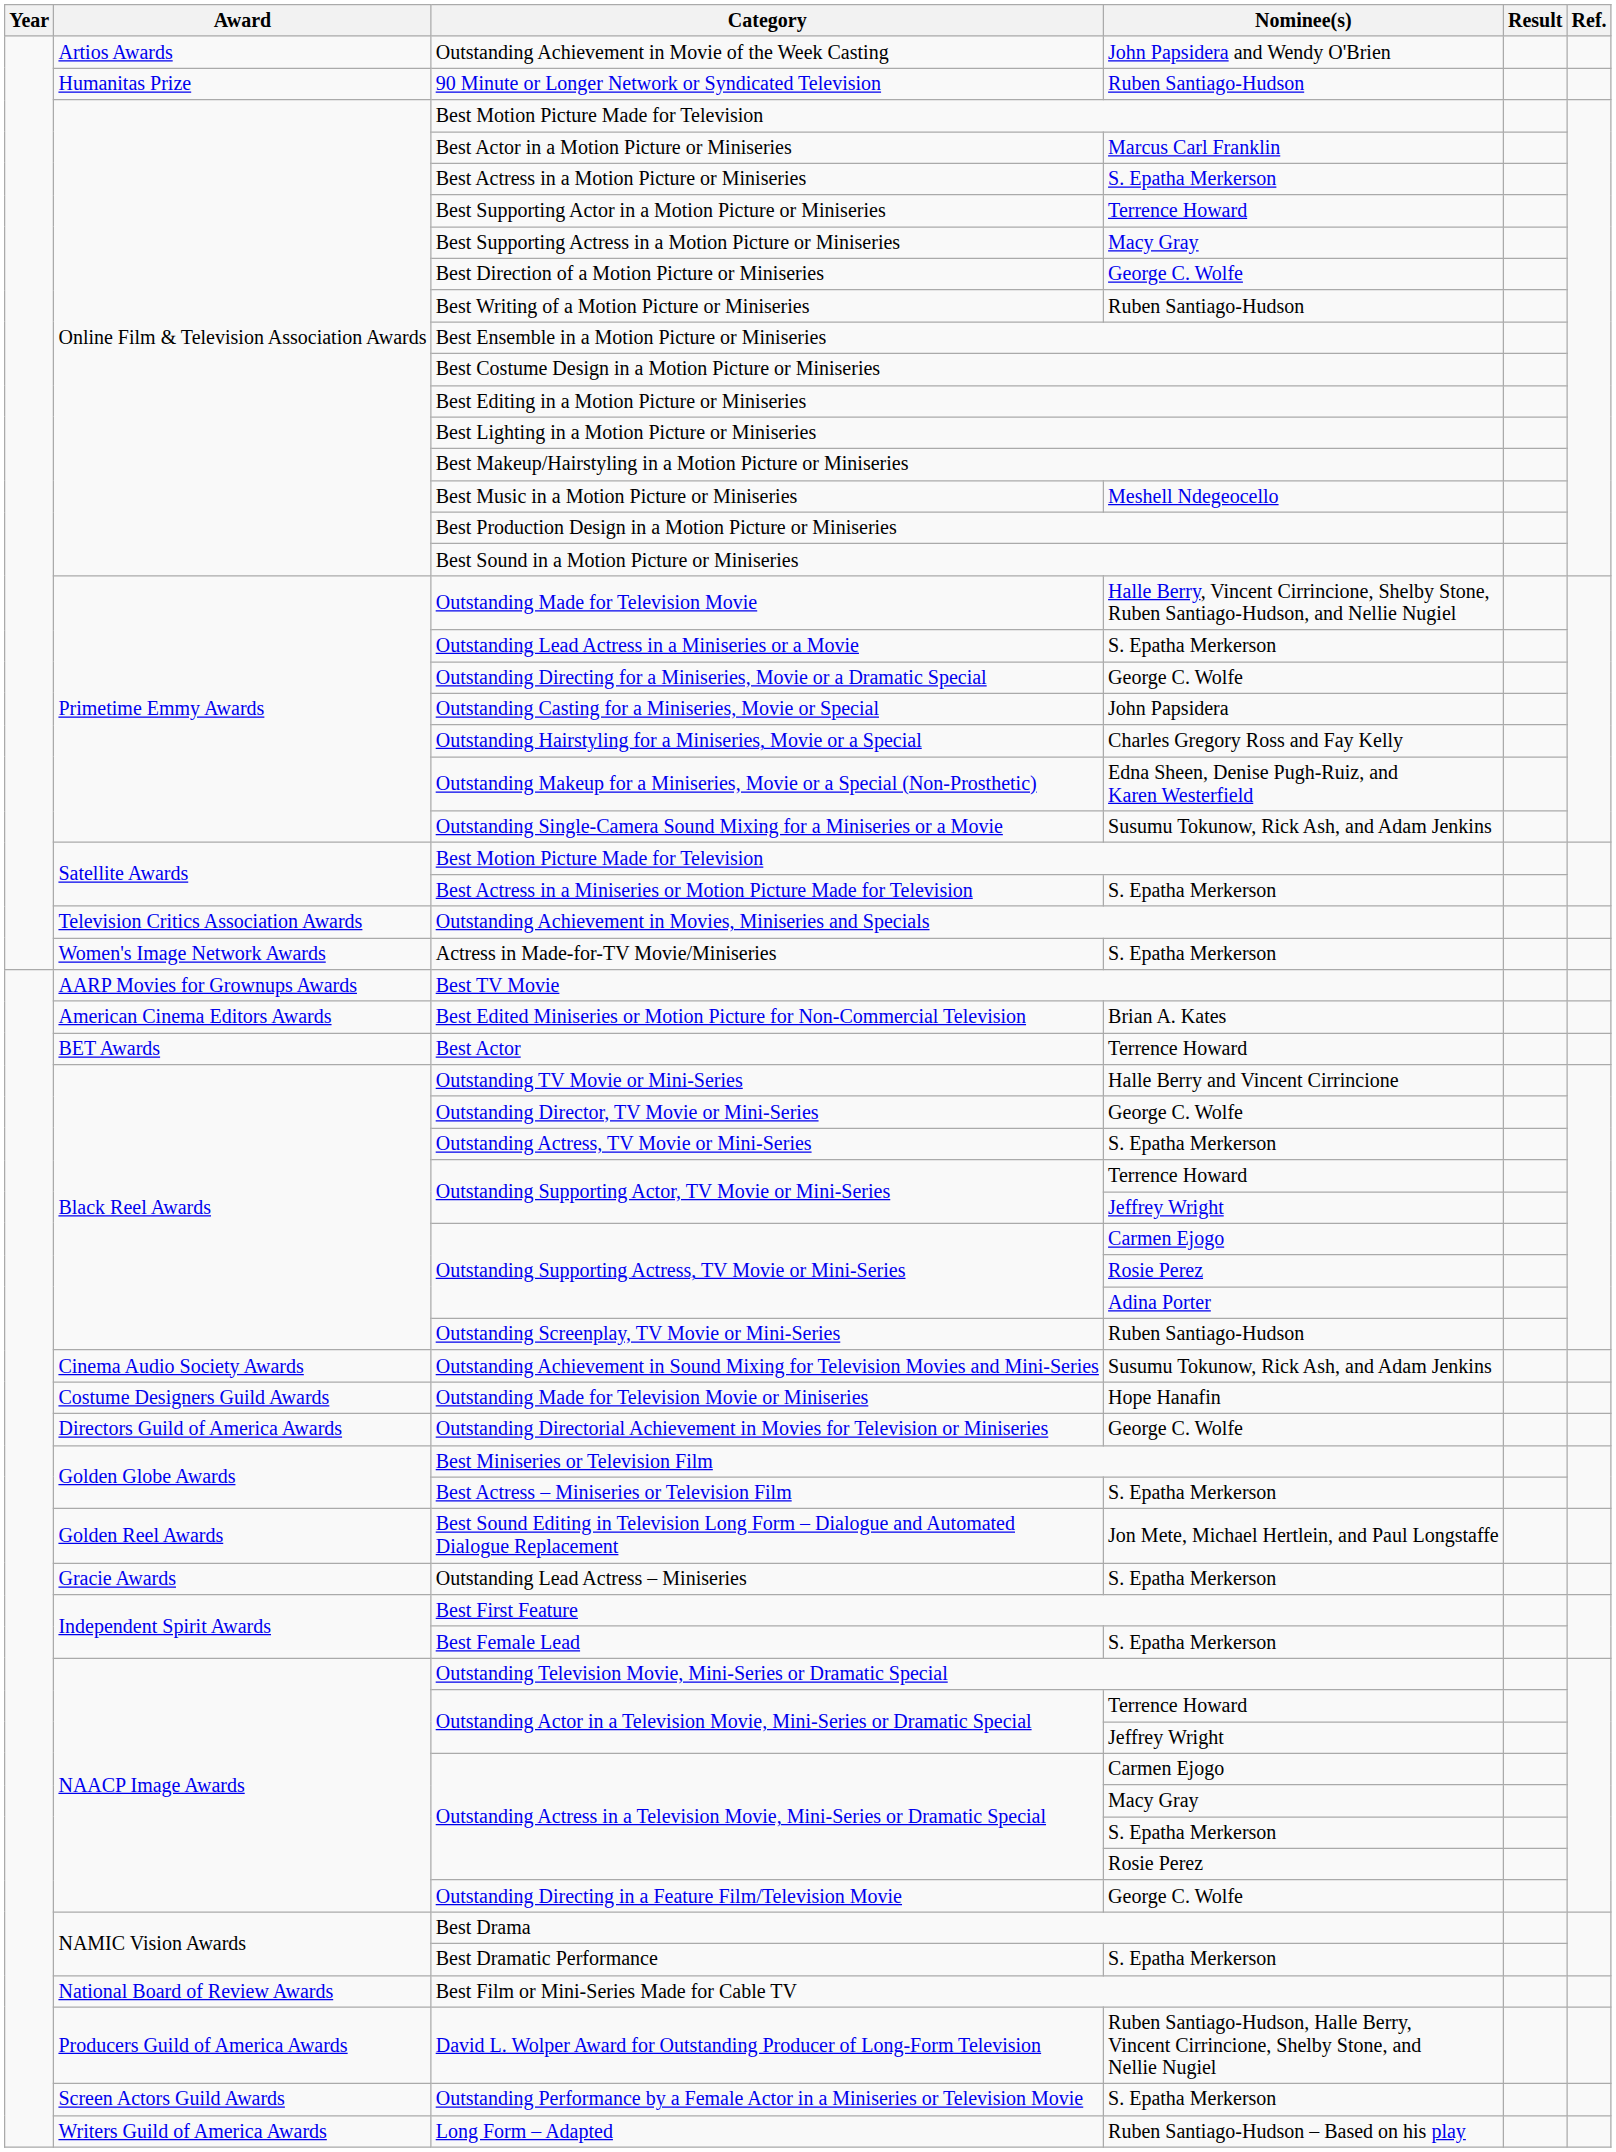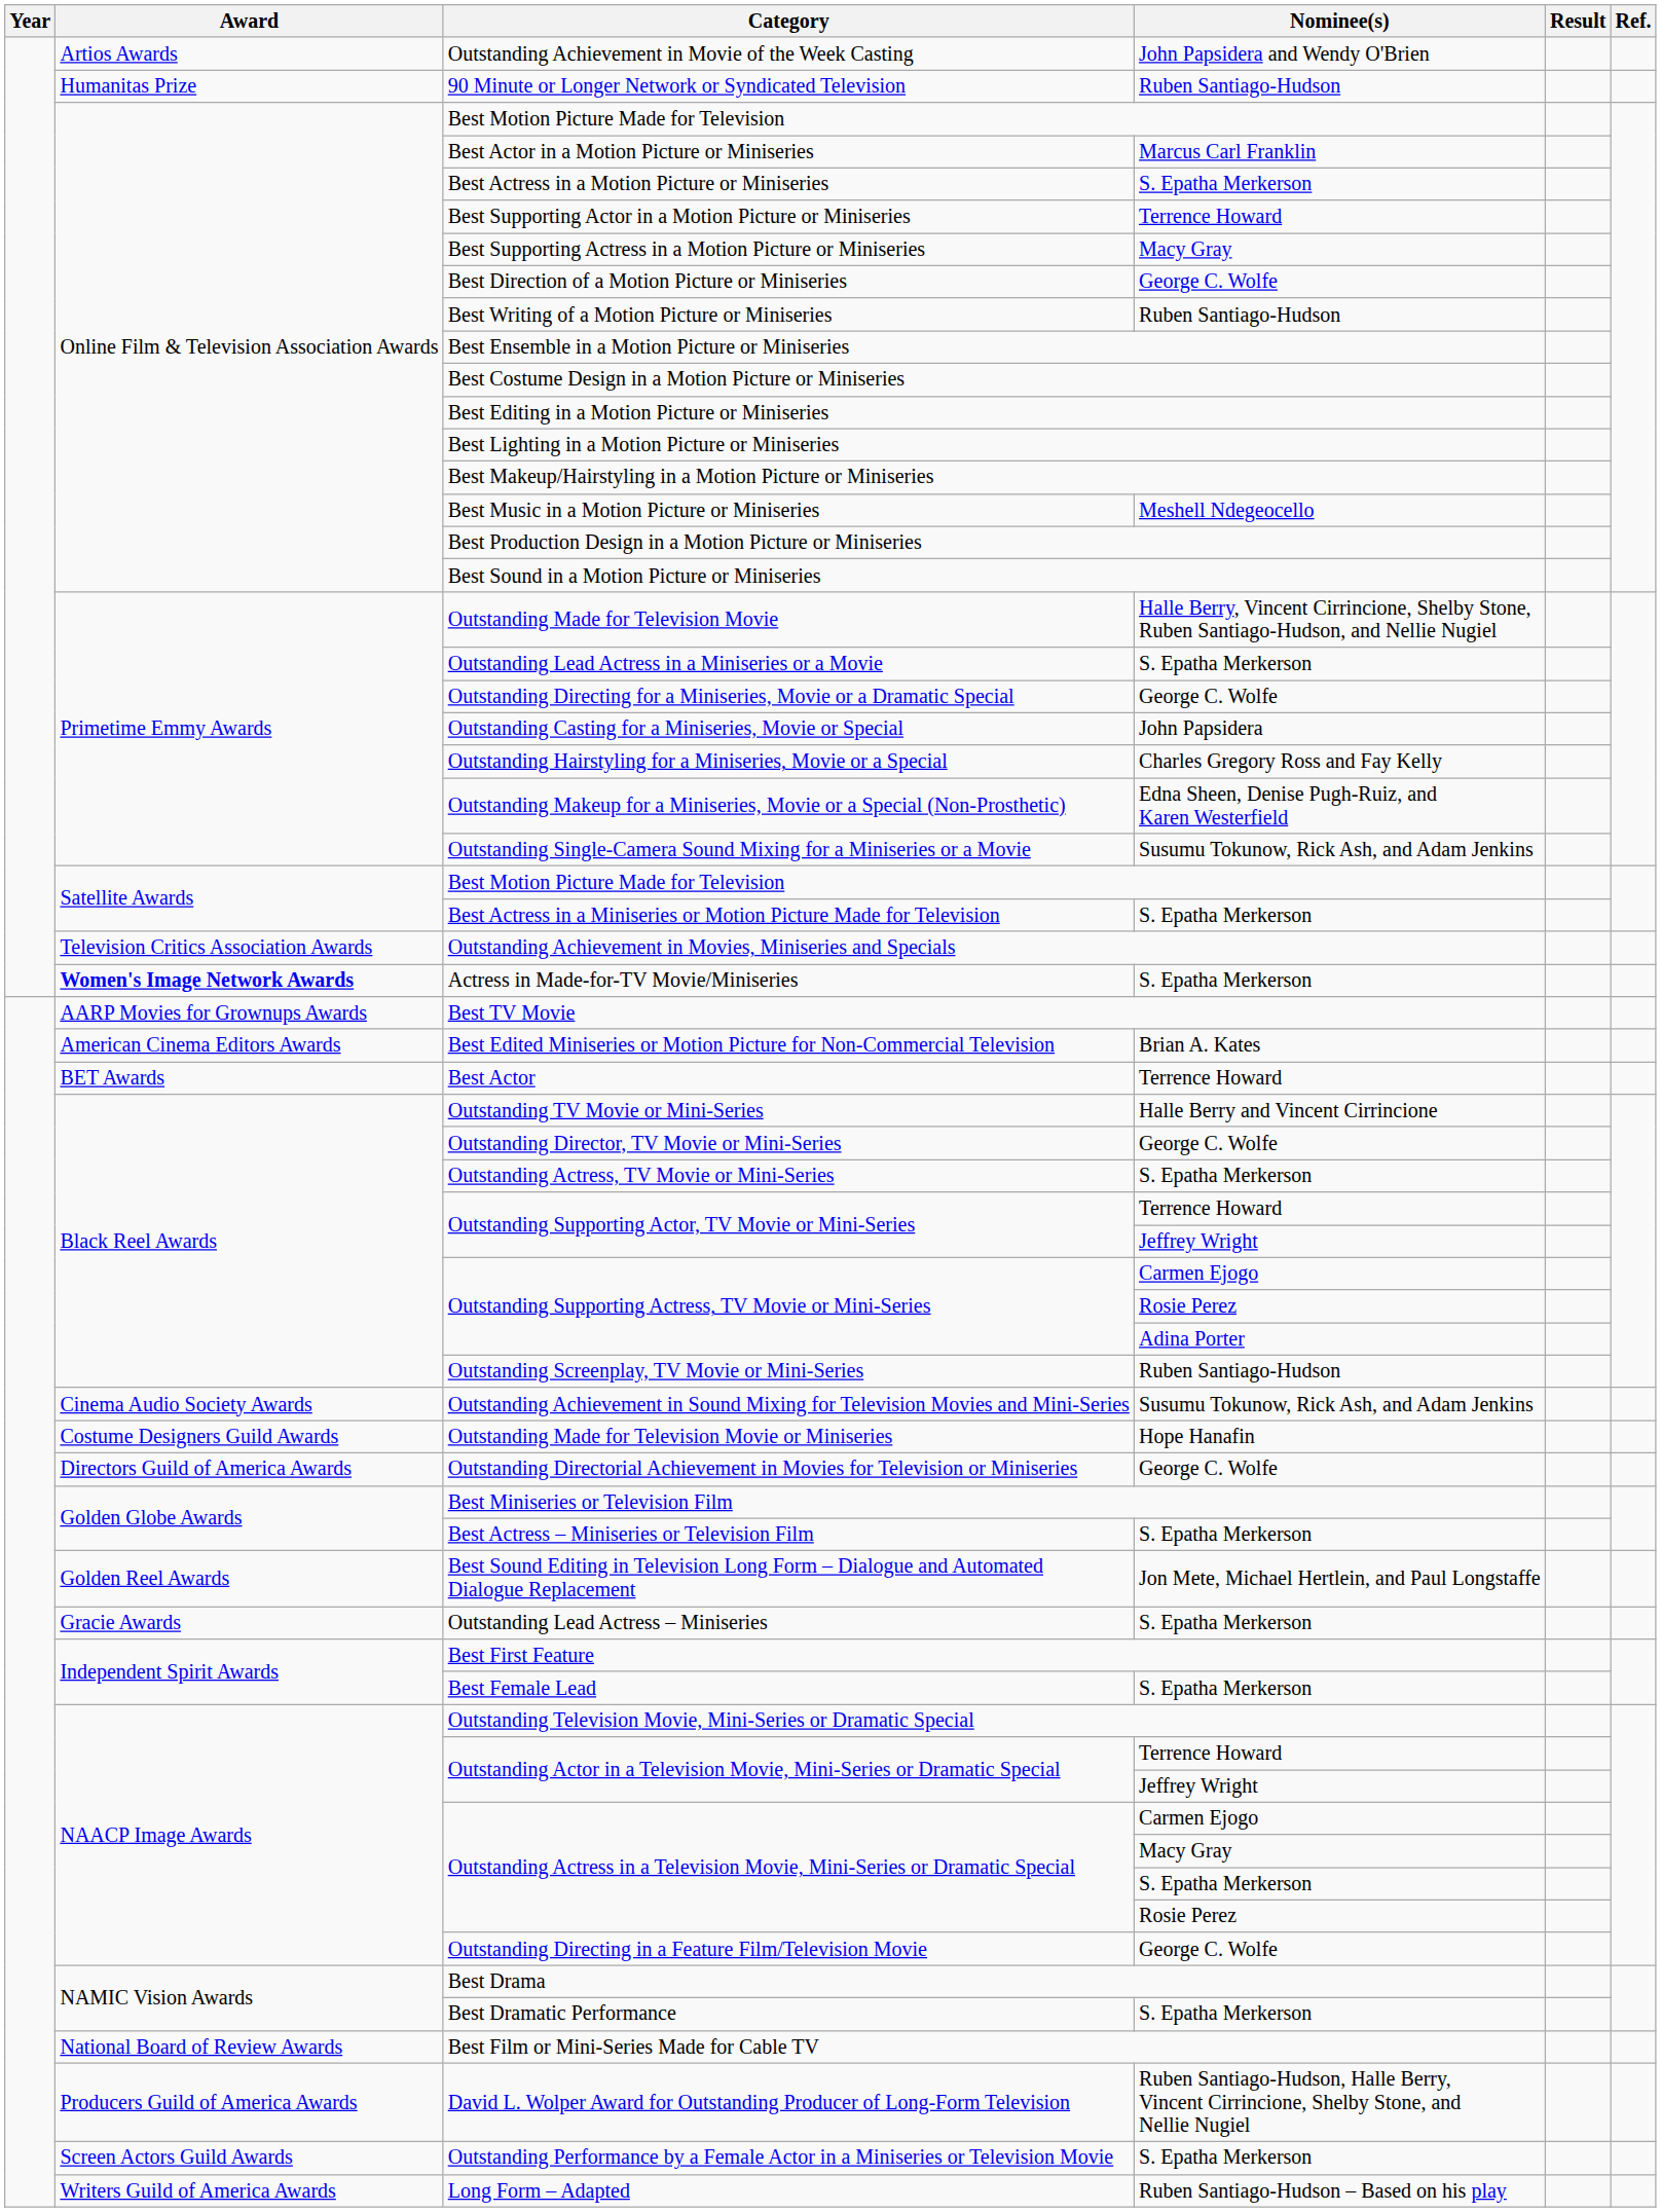 <table class="wikitable sortable">
 <tr>
 <th>Year</th>
 <th>Award</th>
 <th>Category</th>
 <th>Nominee(s)</th>
 <th>Result</th>
 <th>Ref.</th>
 </tr>
 <tr>
 <td rowspan="28"></td>
 <td><a href='#'>Artios Awards</a></td>
 <td>Outstanding Achievement in Movie of the Week Casting</td>
 <td><a href='#'>John Papsidera</a> and Wendy O'Brien</td>
 <td></td>
 <td align="center"></td>
 </tr>
 <tr>
 <td><a href='#'>Humanitas Prize</a></td>
 <td><a href='#'>90 Minute or Longer Network or Syndicated Television</a></td>
 <td><a href='#'>Ruben Santiago-Hudson</a></td>
 <td></td>
 <td align="center"></td>
 </tr>
 <tr>
 <td rowspan="15">Online Film & Television Association Awards</td>
 <td colspan="2">Best Motion Picture Made for Television</td>
 <td></td>
 <td align="center" rowspan="15"></td>
 </tr>
 <tr>
 <td>Best Actor in a Motion Picture or Miniseries</td>
 <td><a href='#'>Marcus Carl Franklin</a></td>
 <td></td>
 </tr>
 <tr>
 <td>Best Actress in a Motion Picture or Miniseries</td>
 <td><a href='#'>S. Epatha Merkerson</a></td>
 <td></td>
 </tr>
 <tr>
 <td>Best Supporting Actor in a Motion Picture or Miniseries</td>
 <td><a href='#'>Terrence Howard</a></td>
 <td></td>
 </tr>
 <tr>
 <td>Best Supporting Actress in a Motion Picture or Miniseries</td>
 <td><a href='#'>Macy Gray</a></td>
 <td></td>
 </tr>
 <tr>
 <td>Best Direction of a Motion Picture or Miniseries</td>
 <td><a href='#'>George C. Wolfe</a></td>
 <td></td>
 </tr>
 <tr>
 <td>Best Writing of a Motion Picture or Miniseries</td>
 <td>Ruben Santiago-Hudson</td>
 <td></td>
 </tr>
 <tr>
 <td colspan="2">Best Ensemble in a Motion Picture or Miniseries</td>
 <td></td>
 </tr>
 <tr>
 <td colspan="2">Best Costume Design in a Motion Picture or Miniseries</td>
 <td></td>
 </tr>
 <tr>
 <td colspan="2">Best Editing in a Motion Picture or Miniseries</td>
 <td></td>
 </tr>
 <tr>
 <td colspan="2">Best Lighting in a Motion Picture or Miniseries</td>
 <td></td>
 </tr>
 <tr>
 <td colspan="2">Best Makeup/Hairstyling in a Motion Picture or Miniseries</td>
 <td></td>
 </tr>
 <tr>
 <td>Best Music in a Motion Picture or Miniseries</td>
 <td><a href='#'>Meshell Ndegeocello</a></td>
 <td></td>
 </tr>
 <tr>
 <td colspan="2">Best Production Design in a Motion Picture or Miniseries</td>
 <td></td>
 </tr>
 <tr>
 <td colspan="2">Best Sound in a Motion Picture or Miniseries</td>
 <td></td>
 </tr>
 <tr>
 <td rowspan="7"><a href='#'>Primetime Emmy Awards</a></td>
 <td><a href='#'>Outstanding Made for Television Movie</a></td>
 <td><a href='#'>Halle Berry</a>, Vincent Cirrincione, Shelby Stone, <br> Ruben Santiago-Hudson, and Nellie Nugiel</td>
 <td></td>
 <td align="center" rowspan="7"></td>
 </tr>
 <tr>
 <td><a href='#'>Outstanding Lead Actress in a Miniseries or a Movie</a></td>
 <td>S. Epatha Merkerson</td>
 <td></td>
 </tr>
 <tr>
 <td><a href='#'>Outstanding Directing for a Miniseries, Movie or a Dramatic Special</a></td>
 <td>George C. Wolfe</td>
 <td></td>
 </tr>
 <tr>
 <td><a href='#'>Outstanding Casting for a Miniseries, Movie or Special</a></td>
 <td>John Papsidera</td>
 <td></td>
 </tr>
 <tr>
 <td><a href='#'>Outstanding Hairstyling for a Miniseries, Movie or a Special</a></td>
 <td>Charles Gregory Ross and Fay Kelly</td>
 <td></td>
 </tr>
 <tr>
 <td><a href='#'>Outstanding Makeup for a Miniseries, Movie or a Special (Non-Prosthetic)</a></td>
 <td>Edna Sheen, Denise Pugh-Ruiz, and <br> <a href='#'>Karen Westerfield</a></td>
 <td></td>
 </tr>
 <tr>
 <td><a href='#'>Outstanding Single-Camera Sound Mixing for a Miniseries or a Movie</a></td>
 <td>Susumu Tokunow, Rick Ash, and Adam Jenkins</td>
 <td></td>
 </tr>
 <tr>
 <td rowspan="2"><a href='#'>Satellite Awards</a></td>
 <td colspan="2"><a href='#'>Best Motion Picture Made for Television</a></td>
 <td></td>
 <td align="center" rowspan="2"></td>
 </tr>
 <tr>
 <td><a href='#'>Best Actress in a Miniseries or Motion Picture Made for Television</a></td>
 <td>S. Epatha Merkerson</td>
 <td></td>
 </tr>
 <tr>
 <td><a href='#'>Television Critics Association Awards</a></td>
 <td colspan="2"><a href='#'>Outstanding Achievement in Movies, Miniseries and Specials</a></td>
 <td></td>
 <td align="center"></td>
 </tr>
 <tr>
-<td><a href='#'>Women's Image Network Awards</a></td>
+<td><strong><a href='#'>Women's Image Network Awards</a></strong></td>
 <td>Actress in Made-for-TV Movie/Miniseries</td>
 <td>S. Epatha Merkerson</td>
 <td></td>
 <td align="center"></td>
 </tr>
 <tr>
 <td rowspan="41"></td>
 <td><a href='#'>AARP Movies for Grownups Awards</a></td>
 <td colspan="2"><a href='#'>Best TV Movie</a></td>
 <td></td>
 <td align="center"></td>
 </tr>
 <tr>
 <td><a href='#'>American Cinema Editors Awards</a></td>
 <td><a href='#'>Best Edited Miniseries or Motion Picture for Non-Commercial Television</a></td>
 <td>Brian A. Kates</td>
 <td></td>
 <td align="center"></td>
 </tr>
 <tr>
 <td><a href='#'>BET Awards</a></td>
 <td><a href='#'>Best Actor</a></td>
 <td>Terrence Howard</td>
 <td></td>
 <td align="center"></td>
 </tr>
 <tr>
 <td rowspan="9"><a href='#'>Black Reel Awards</a></td>
 <td><a href='#'>Outstanding TV Movie or Mini-Series</a></td>
 <td>Halle Berry and Vincent Cirrincione</td>
 <td></td>
 <td align="center" rowspan="9"></td>
 </tr>
 <tr>
 <td><a href='#'>Outstanding Director, TV Movie or Mini-Series</a></td>
 <td>George C. Wolfe</td>
 <td></td>
 </tr>
 <tr>
 <td><a href='#'>Outstanding Actress, TV Movie or Mini-Series</a></td>
 <td>S. Epatha Merkerson</td>
 <td></td>
 </tr>
 <tr>
 <td rowspan="2"><a href='#'>Outstanding Supporting Actor, TV Movie or Mini-Series</a></td>
 <td>Terrence Howard</td>
 <td></td>
 </tr>
 <tr>
 <td><a href='#'>Jeffrey Wright</a></td>
 <td></td>
 </tr>
 <tr>
 <td rowspan="3"><a href='#'>Outstanding Supporting Actress, TV Movie or Mini-Series</a></td>
 <td><a href='#'>Carmen Ejogo</a></td>
 <td></td>
 </tr>
 <tr>
 <td><a href='#'>Rosie Perez</a></td>
 <td></td>
 </tr>
 <tr>
 <td><a href='#'>Adina Porter</a></td>
 <td></td>
 </tr>
 <tr>
 <td><a href='#'>Outstanding Screenplay, TV Movie or Mini-Series</a></td>
 <td>Ruben Santiago-Hudson</td>
 <td></td>
 </tr>
 <tr>
 <td><a href='#'>Cinema Audio Society Awards</a></td>
 <td><a href='#'>Outstanding Achievement in Sound Mixing for Television Movies and Mini-Series</a></td>
 <td>Susumu Tokunow, Rick Ash, and Adam Jenkins</td>
 <td></td>
 <td align="center"></td>
 </tr>
 <tr>
 <td><a href='#'>Costume Designers Guild Awards</a></td>
 <td><a href='#'>Outstanding Made for Television Movie or Miniseries</a></td>
 <td>Hope Hanafin</td>
 <td></td>
 <td align="center"></td>
 </tr>
 <tr>
 <td><a href='#'>Directors Guild of America Awards</a></td>
 <td><a href='#'>Outstanding Directorial Achievement in Movies for Television or Miniseries</a></td>
 <td>George C. Wolfe</td>
 <td></td>
 <td align="center"></td>
 </tr>
 <tr>
 <td rowspan="2"><a href='#'>Golden Globe Awards</a></td>
 <td colspan="2"><a href='#'>Best Miniseries or Television Film</a></td>
 <td></td>
 <td align="center" rowspan="2"></td>
 </tr>
 <tr>
 <td><a href='#'>Best Actress – Miniseries or Television Film</a></td>
 <td>S. Epatha Merkerson</td>
 <td></td>
 </tr>
 <tr>
 <td><a href='#'>Golden Reel Awards</a></td>
 <td><a href='#'>Best Sound Editing in Television Long Form – Dialogue and Automated <br> Dialogue Replacement</a></td>
 <td>Jon Mete, Michael Hertlein, and Paul Longstaffe</td>
 <td></td>
 <td align="center"></td>
 </tr>
 <tr>
 <td><a href='#'>Gracie Awards</a></td>
 <td>Outstanding Lead Actress – Miniseries</td>
 <td>S. Epatha Merkerson</td>
 <td></td>
 <td align="center"></td>
 </tr>
 <tr>
 <td rowspan="2"><a href='#'>Independent Spirit Awards</a></td>
 <td colspan="2"><a href='#'>Best First Feature</a></td>
 <td></td>
 <td align="center" rowspan="2"> <br></td>
 </tr>
 <tr>
 <td><a href='#'>Best Female Lead</a></td>
 <td>S. Epatha Merkerson</td>
 <td></td>
 </tr>
 <tr>
 <td rowspan="8"><a href='#'>NAACP Image Awards</a></td>
 <td colspan="2"><a href='#'>Outstanding Television Movie, Mini-Series or Dramatic Special</a></td>
 <td></td>
 <td align="center" rowspan="8"></td>
 </tr>
 <tr>
 <td rowspan="2"><a href='#'>Outstanding Actor in a Television Movie, Mini-Series or Dramatic Special</a></td>
 <td>Terrence Howard</td>
 <td></td>
 </tr>
 <tr>
 <td>Jeffrey Wright</td>
 <td></td>
 </tr>
 <tr>
 <td rowspan="4"><a href='#'>Outstanding Actress in a Television Movie, Mini-Series or Dramatic Special</a></td>
 <td>Carmen Ejogo</td>
 <td></td>
 </tr>
 <tr>
 <td>Macy Gray</td>
 <td></td>
 </tr>
 <tr>
 <td>S. Epatha Merkerson</td>
 <td></td>
 </tr>
 <tr>
 <td>Rosie Perez</td>
 <td></td>
 </tr>
 <tr>
 <td><a href='#'>Outstanding Directing in a Feature Film/Television Movie</a></td>
 <td>George C. Wolfe</td>
 <td></td>
 </tr>
 <tr>
 <td rowspan="2">NAMIC Vision Awards</td>
 <td colspan="2">Best Drama</td>
 <td></td>
 <td align="center" rowspan="2"></td>
 </tr>
 <tr>
 <td>Best Dramatic Performance</td>
 <td>S. Epatha Merkerson</td>
 <td></td>
 </tr>
 <tr>
 <td><a href='#'>National Board of Review Awards</a></td>
 <td colspan="2">Best Film or Mini-Series Made for Cable TV</td>
 <td></td>
 <td align="center"></td>
 </tr>
 <tr>
 <td><a href='#'>Producers Guild of America Awards</a></td>
 <td><a href='#'>David L. Wolper Award for Outstanding Producer of Long-Form Television</a></td>
 <td>Ruben Santiago-Hudson, Halle Berry, <br> Vincent Cirrincione, Shelby Stone, and <br> Nellie Nugiel</td>
 <td></td>
 <td align="center"></td>
 </tr>
 <tr>
 <td><a href='#'>Screen Actors Guild Awards</a></td>
 <td><a href='#'>Outstanding Performance by a Female Actor in a Miniseries or Television Movie</a></td>
 <td>S. Epatha Merkerson</td>
 <td></td>
 <td align="center"></td>
 </tr>
 <tr>
 <td><a href='#'>Writers Guild of America Awards</a></td>
 <td><a href='#'>Long Form – Adapted</a></td>
 <td>Ruben Santiago-Hudson – Based on his <a href='#'>play</a></td>
 <td></td>
 <td align="center"></td>
 </tr>
 </table>
